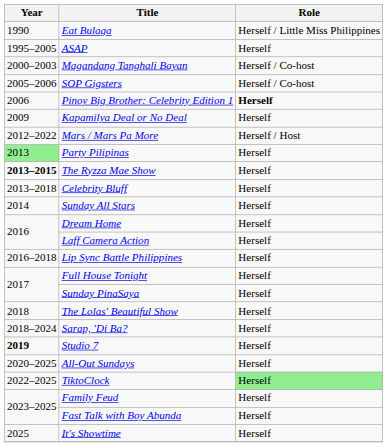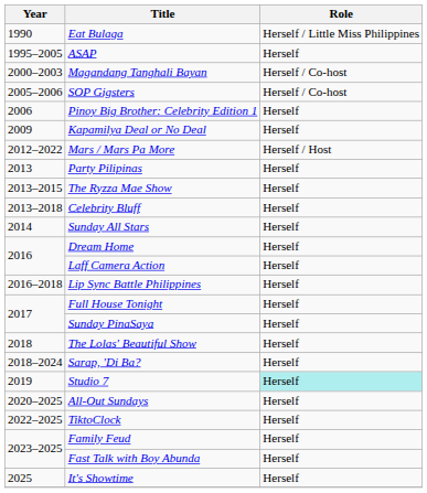 <table class="wikitable ">
 <tr>
 <th>Year</th>
 <th>Title</th>
 <th>Role</th>
 </tr>
 <tr>
 <td>1990</td>
 <td><em><a href='#'>Eat Bulaga</a></em></td>
 <td>Herself / Little Miss Philippines</td>
 </tr>
 <tr>
 <td>1995–2005</td>
 <td><em><a href='#'>ASAP</a></em></td>
 <td>Herself</td>
 </tr>
 <tr>
 <td>2000–2003</td>
 <td><em><a href='#'>Magandang Tanghali Bayan</a></em></td>
 <td>Herself / Co-host</td>
 </tr>
 <tr>
 <td>2005–2006</td>
 <td><em><a href='#'>SOP Gigsters</a></em></td>
 <td>Herself / Co-host</td>
 </tr>
 <tr>
 <td>2006</td>
 <td><em><a href='#'>Pinoy Big Brother: Celebrity Edition 1</a></em></td>
-<td><strong>Herself</strong></td>
+<td>Herself</td>
 </tr>
 <tr>
 <td>2009</td>
 <td><em><a href='#'>Kapamilya Deal or No Deal</a></em></td>
 <td>Herself</td>
 </tr>
 <tr>
 <td>2012–2022</td>
 <td><em><a href='#'>Mars / Mars Pa More</a></em></td>
 <td>Herself / Host</td>
 </tr>
 <tr>
-<td style="background: lightgreen;">2013</td>
+<td>2013</td>
 <td><em><a href='#'>Party Pilipinas</a></em></td>
 <td>Herself</td>
 </tr>
 <tr>
-<td><strong>2013–2015</strong></td>
+<td>2013–2015</td>
 <td><em><a href='#'>The Ryzza Mae Show</a></em></td>
 <td>Herself</td>
 </tr>
 <tr>
 <td>2013–2018</td>
 <td><em><a href='#'>Celebrity Bluff</a></em></td>
 <td>Herself</td>
 </tr>
 <tr>
 <td>2014</td>
 <td><em><a href='#'>Sunday All Stars</a></em></td>
 <td>Herself</td>
 </tr>
 <tr>
 <td rowspan="2">2016</td>
 <td><em><a href='#'>Dream Home</a></em></td>
 <td>Herself</td>
 </tr>
 <tr>
 <td><em><a href='#'>Laff Camera Action</a></em></td>
 <td>Herself</td>
 </tr>
 <tr>
 <td>2016–2018</td>
 <td><em><a href='#'>Lip Sync Battle Philippines</a></em></td>
 <td>Herself</td>
 </tr>
 <tr>
 <td rowspan="2">2017</td>
 <td><em><a href='#'>Full House Tonight</a></em></td>
 <td>Herself</td>
 </tr>
 <tr>
 <td><em><a href='#'>Sunday PinaSaya</a></em></td>
 <td>Herself</td>
 </tr>
 <tr>
 <td>2018</td>
 <td><em><a href='#'>The Lolas' Beautiful Show</a></em></td>
 <td>Herself</td>
 </tr>
 <tr>
 <td>2018–2024</td>
 <td><em><a href='#'>Sarap, 'Di Ba?</a></em></td>
 <td>Herself</td>
 </tr>
 <tr>
-<td><strong>2019</strong></td>
+<td>2019</td>
 <td><em><a href='#'>Studio 7</a></em></td>
-<td>Herself</td>
+<td style="background: paleturquoise;">Herself</td>
 </tr>
 <tr>
 <td>2020–2025</td>
 <td><em><a href='#'>All-Out Sundays</a></em></td>
 <td>Herself</td>
 </tr>
 <tr>
 <td>2022–2025</td>
 <td><em><a href='#'>TiktoClock</a></em></td>
-<td style="background: lightgreen;">Herself</td>
+<td>Herself</td>
 </tr>
 <tr>
 <td rowspan="2">2023–2025</td>
 <td><em><a href='#'>Family Feud</a></em></td>
 <td>Herself</td>
 </tr>
 <tr>
 <td><em><a href='#'>Fast Talk with Boy Abunda</a></em></td>
 <td>Herself</td>
 </tr>
 <tr>
 <td>2025</td>
 <td><em><a href='#'>It's Showtime</a></em></td>
 <td>Herself</td>
 </tr>
 <tr>
 </tr>
 </table>
